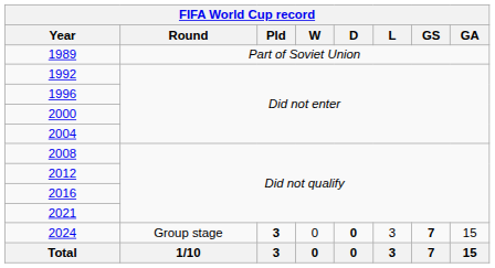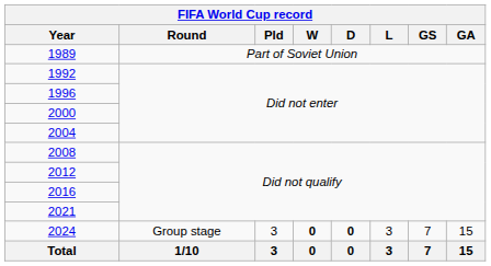 <table class="wikitable" style="text-align: center;font-size:90%;">
 <tr>
 <th colspan=8><a href='#'>FIFA World Cup record</a></th>
 </tr>
 <tr>
 <th width=125px>Year</th>
 <th width=150px>Round</th>
 <th width=8%>Pld</th>
 <th width=8%>W</th>
 <th width=8%>D</th>
 <th width=8%>L</th>
 <th width=8%>GS</th>
 <th width=8%>GA</th>
 </tr>
 <tr>
 <td> <a href='#'>1989</a></td>
 <td colspan=9><em>Part of Soviet Union</em></td>
 </tr>
 <tr - bgcolor=>
 <td> <a href='#'>1992</a></td>
 <td colspan=9 rowspan=4><em>Did not enter</em></td>
 </tr>
 <tr - bgcolor=>
 <td> <a href='#'>1996</a></td>
 </tr>
 <tr - bgcolor=>
 <td> <a href='#'>2000</a></td>
 </tr>
 <tr - bgcolor=>
 <td> <a href='#'>2004</a></td>
 </tr>
 <tr - bgcolor=>
 <td> <a href='#'>2008</a></td>
 <td colspan=9 rowspan=4><em>Did not qualify</em></td>
 </tr>
 <tr - bgcolor=>
 <td> <a href='#'>2012</a></td>
 </tr>
 <tr - bgcolor=>
 <td> <a href='#'>2016</a></td>
 </tr>
 <tr - bgcolor=>
 <td> <a href='#'>2021</a></td>
 </tr>
 <tr - bgcolor=>
 <td> <a href='#'>2024</a></td>
 <td>Group stage</td>
-<td><strong>3</strong></td>
-<td>0</td>
+<td>3</td>
+<td><strong>0</strong></td>
 <td><strong>0</strong></td>
 <td>3</td>
-<td><strong>7</strong></td>
+<td>7</td>
 <td>15</td>
 </tr>
 <tr>
 <th><strong>Total</strong></th>
 <th>1/10</th>
 <th>3</th>
 <th>0</th>
 <th>0</th>
 <th>3</th>
 <th>7</th>
 <th>15</th>
 </tr>
 </table>
